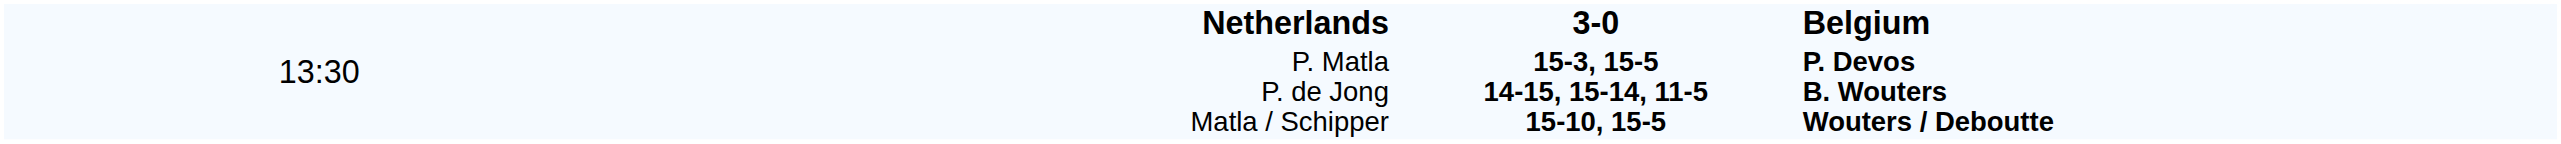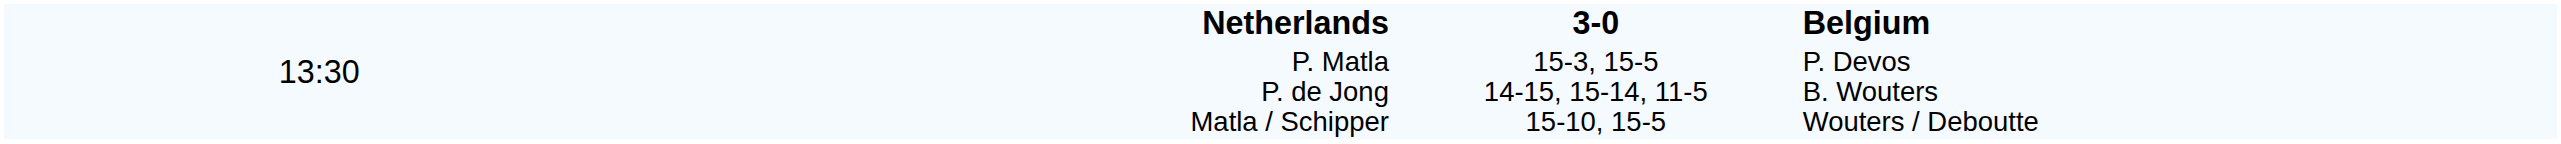 <table style="width: 100%; background:#F5FAFF;" cellspacing="0">
 <tr>
 <td align=center rowspan=3 width=20%>13:30</td>
 </tr>
 <tr>
 <td width=24% align=right><strong>Netherlands</strong></td>
 <td align=center width=13%><strong>3-0</strong></td>
 <td width=24%><strong>Belgium</strong></td>
 </tr>
 <tr style=font-size:85%>
 <td align=right valign=top>P. Matla<br>P. de Jong<br>Matla / Schipper</td>
-<td align=center><strong>15-3, 15-5<br>14-15, 15-14, 11-5<br>15-10, 15-5</strong></td>
-<td valign=top><strong>P. Devos<br>B. Wouters<br>Wouters / Deboutte</strong></td>
+<td align=center>15-3, 15-5<br>14-15, 15-14, 11-5<br>15-10, 15-5</td>
+<td valign=top>P. Devos<br>B. Wouters<br>Wouters / Deboutte</td>
 </tr>
 </table>
